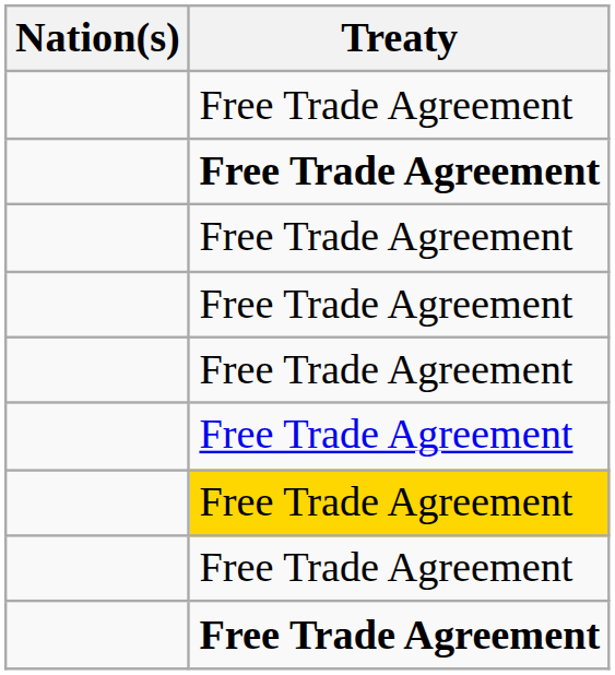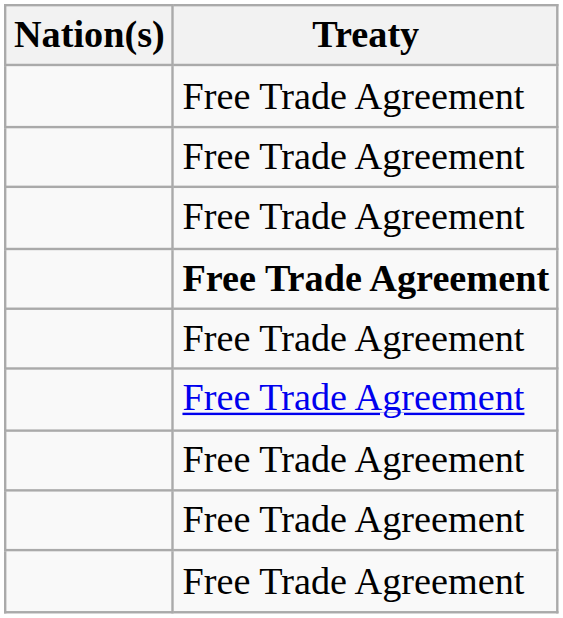 <table class="wikitable sortable">
 <tr>
 <th>Nation(s)</th>
 <th>Treaty</th>
+</tr>
+<tr>
+<td></td>
+<td>Free Trade Agreement</td>
+</tr>
+<tr>
+<td></td>
+<td>Free Trade Agreement</td>
 </tr>
 <tr>
 <td></td>
 <td>Free Trade Agreement</td>
 </tr>
 <tr>
 <td></td>
 <td><strong>Free Trade Agreement</strong></td>
 </tr>
 <tr>
 <td></td>
 <td>Free Trade Agreement</td>
 </tr>
 <tr>
+<td><br></td>
+<td><a href='#'>Free Trade Agreement</a></td>
+</tr>
+<tr>
 <td></td>
 <td>Free Trade Agreement</td>
 </tr>
 <tr>
 <td></td>
 <td>Free Trade Agreement</td>
 </tr>
 <tr>
-<td><br></td>
-<td><a href='#'>Free Trade Agreement</a></td>
-</tr>
-<tr>
-<td></td>
-<td style="background: gold;">Free Trade Agreement</td>
-</tr>
-<tr>
 <td></td>
 <td>Free Trade Agreement</td>
 </tr>
-<tr>
-<td></td>
-<td><strong>Free Trade Agreement</strong></td>
-</tr>
 </table>
